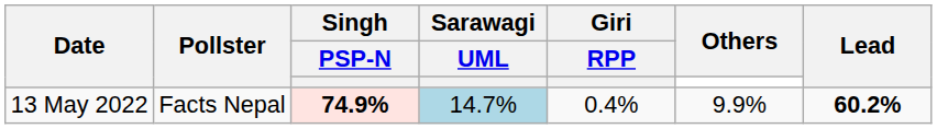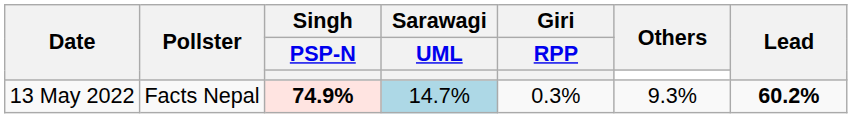 <table class="wikitable sortable" style="text-align:center;font-size:95%;line-height:16px">
 <tr>
 <th rowspan="3">Date</th>
 <th rowspan="3">Pollster</th>
 <th style="width:75px;">Singh</th>
 <th style="width:75px;">Sarawagi</th>
 <th style="width:75px;">Giri</th>
 <th style="width:75px;" rowspan="2">Others</th>
 <th style="width:75px;" rowspan="3">Lead</th>
 </tr>
 <tr>
 <th><a href='#'>PSP-N</a></th>
 <th><a href='#'>UML</a></th>
 <th><a href='#'>RPP</a></th>
 </tr>
 <tr>
 <th style="background-color:"></th>
 <th style="background-color:"></th>
 <th style="background-color:"></th>
 <th style="background-color:white;"></th>
 </tr>
 <tr>
 <td>13 May 2022</td>
 <td>Facts Nepal</td>
 <td style="background-color:mistyrose;"><strong>74.9%</strong></td>
 <td style="background: lightblue;">14.7%</td>
-<td>0.4%</td>
-<td>9.9%</td>
+<td>0.3%</td>
+<td>9.3%</td>
 <td style="background-color:"><strong>60.2%</strong></td>
 </tr>
 </table>
